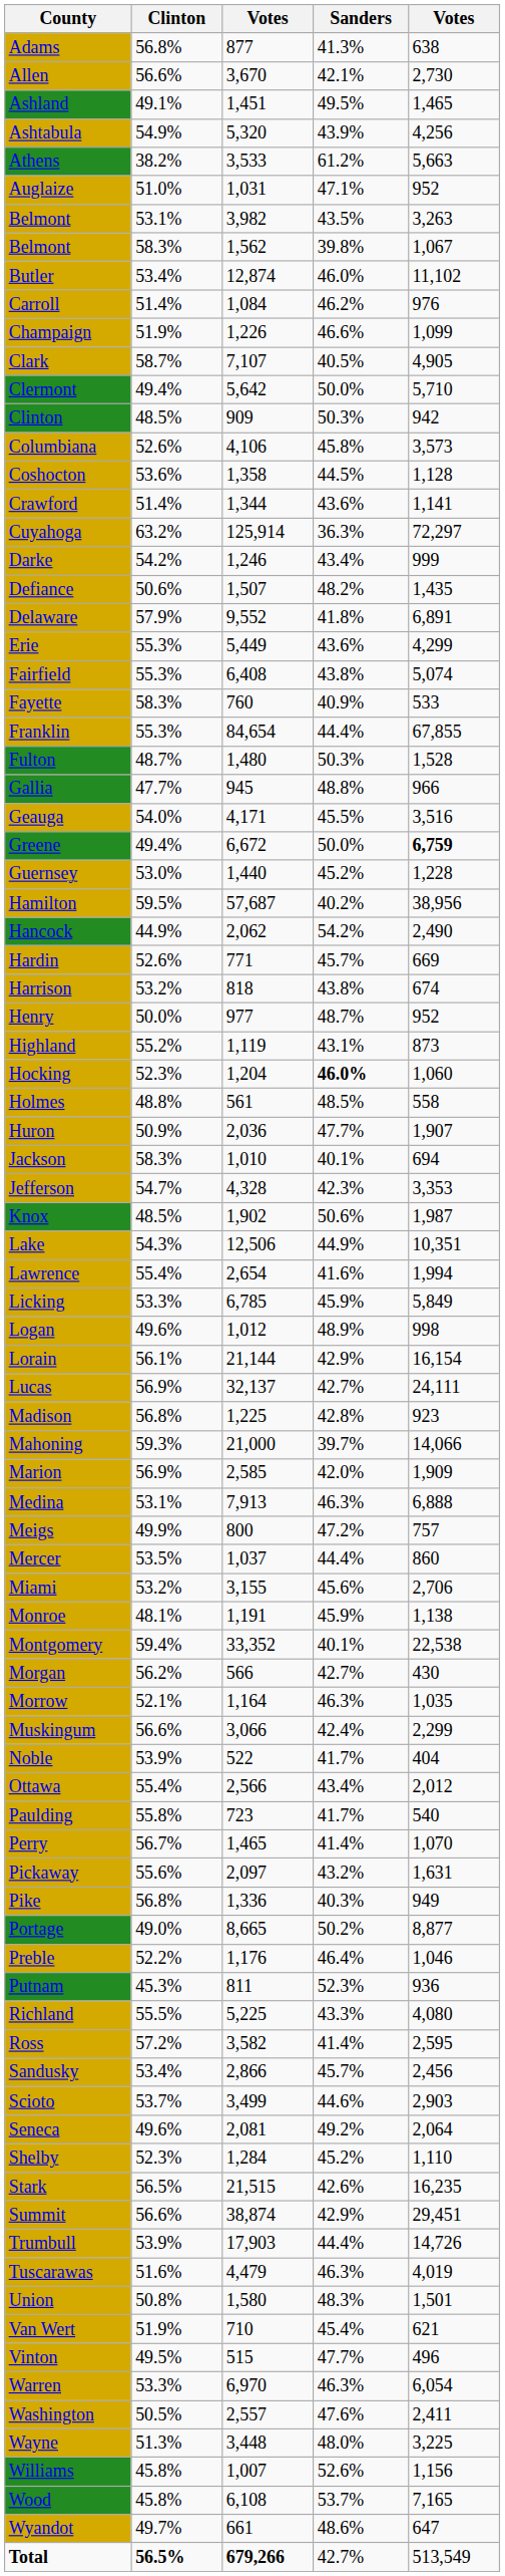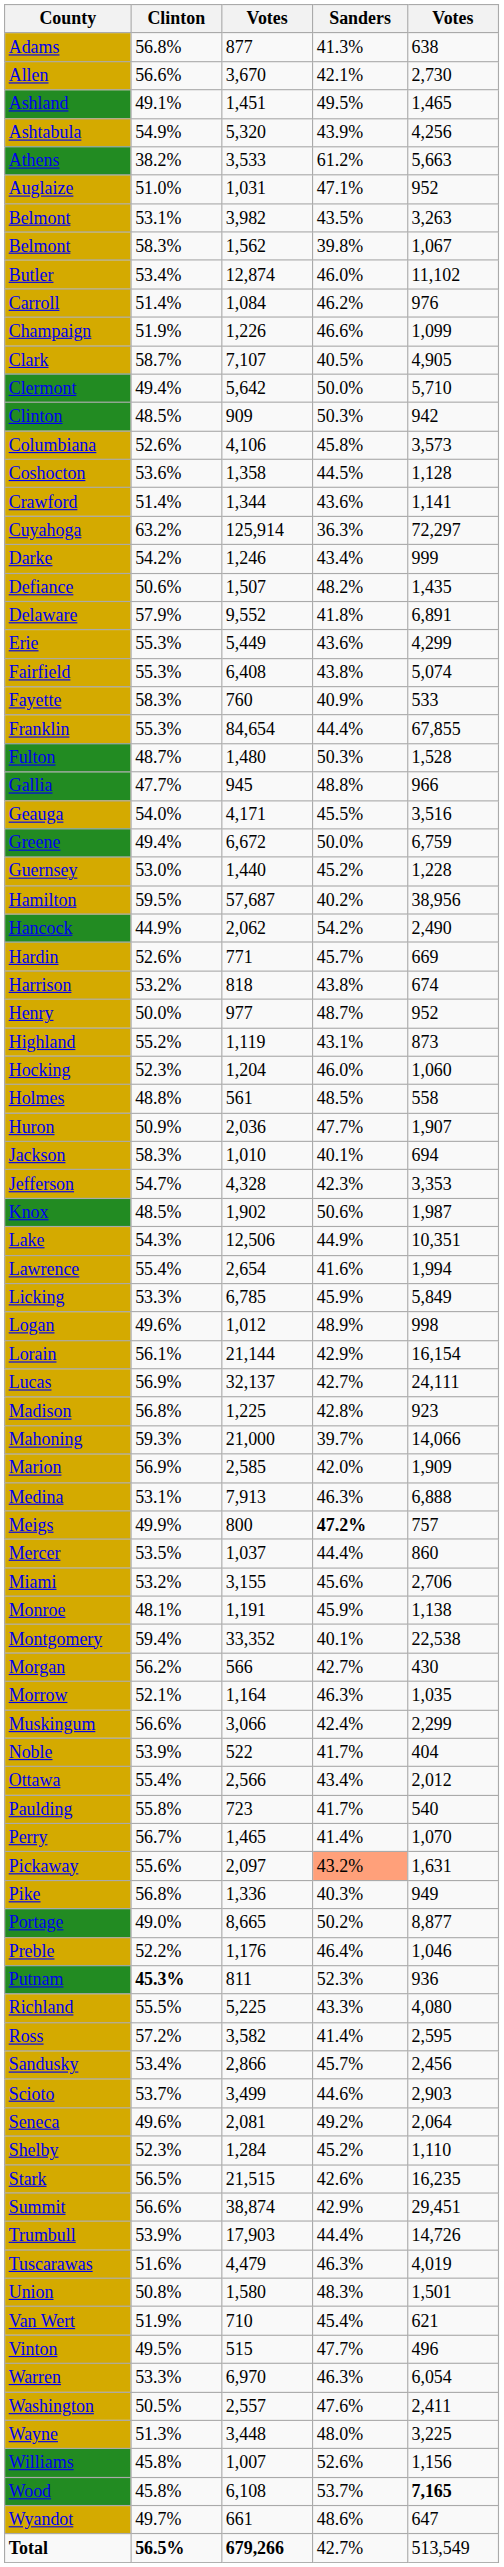 <table width="50%" class="wikitable sortable">
 <tr>
 <th width="10%">County</th>
 <th width="10%">Clinton</th>
 <th width="10%">Votes</th>
 <th width="10%">Sanders</th>
 <th width="10%">Votes</th>
 </tr>
 <tr>
 <td style="background:#D4AA00;"><a href='#'>Adams</a></td>
 <td>56.8%</td>
 <td>877</td>
 <td>41.3%</td>
 <td>638</td>
 </tr>
 <tr>
 <td style="background:#D4AA00;"><a href='#'>Allen</a></td>
 <td>56.6%</td>
 <td>3,670</td>
 <td>42.1%</td>
 <td>2,730</td>
 </tr>
 <tr>
 <td style="background:#228b22;"><a href='#'>Ashland</a></td>
 <td>49.1%</td>
 <td>1,451</td>
 <td>49.5%</td>
 <td>1,465</td>
 </tr>
 <tr>
 <td style="background:#D4AA00;"><a href='#'>Ashtabula</a></td>
 <td>54.9%</td>
 <td>5,320</td>
 <td>43.9%</td>
 <td>4,256</td>
 </tr>
 <tr>
 <td style="background:#228b22;"><a href='#'>Athens</a></td>
 <td>38.2%</td>
 <td>3,533</td>
 <td>61.2%</td>
 <td>5,663</td>
 </tr>
 <tr>
 <td style="background:#D4AA00;"><a href='#'>Auglaize</a></td>
 <td>51.0%</td>
 <td>1,031</td>
 <td>47.1%</td>
 <td>952</td>
 </tr>
 <tr>
 <td style="background:#D4AA00;"><a href='#'>Belmont</a></td>
 <td>53.1%</td>
 <td>3,982</td>
 <td>43.5%</td>
 <td>3,263</td>
 </tr>
 <tr>
 <td style="background:#D4AA00;"><a href='#'>Belmont</a></td>
 <td>58.3%</td>
 <td>1,562</td>
 <td>39.8%</td>
 <td>1,067</td>
 </tr>
 <tr>
 <td style="background:#D4AA00;"><a href='#'>Butler</a></td>
 <td>53.4%</td>
 <td>12,874</td>
 <td>46.0%</td>
 <td>11,102</td>
 </tr>
 <tr>
 <td style="background:#D4AA00;"><a href='#'>Carroll</a></td>
 <td>51.4%</td>
 <td>1,084</td>
 <td>46.2%</td>
 <td>976</td>
 </tr>
 <tr>
 <td style="background:#D4AA00;"><a href='#'>Champaign</a></td>
 <td>51.9%</td>
 <td>1,226</td>
 <td>46.6%</td>
 <td>1,099</td>
 </tr>
 <tr>
 <td style="background:#D4AA00;"><a href='#'>Clark</a></td>
 <td>58.7%</td>
 <td>7,107</td>
 <td>40.5%</td>
 <td>4,905</td>
 </tr>
 <tr>
 <td style="background:#228b22;"><a href='#'>Clermont</a></td>
 <td>49.4%</td>
 <td>5,642</td>
 <td>50.0%</td>
 <td>5,710</td>
 </tr>
 <tr>
 <td style="background:#228b22;"><a href='#'>Clinton</a></td>
 <td>48.5%</td>
 <td>909</td>
 <td>50.3%</td>
 <td>942</td>
 </tr>
 <tr>
 <td style="background:#D4AA00;"><a href='#'>Columbiana</a></td>
 <td>52.6%</td>
 <td>4,106</td>
 <td>45.8%</td>
 <td>3,573</td>
 </tr>
 <tr>
 <td style="background:#D4AA00;"><a href='#'>Coshocton</a></td>
 <td>53.6%</td>
 <td>1,358</td>
 <td>44.5%</td>
 <td>1,128</td>
 </tr>
 <tr>
 <td style="background:#D4AA00;"><a href='#'>Crawford</a></td>
 <td>51.4%</td>
 <td>1,344</td>
 <td>43.6%</td>
 <td>1,141</td>
 </tr>
 <tr>
 <td style="background:#D4AA00;"><a href='#'>Cuyahoga</a></td>
 <td>63.2%</td>
 <td>125,914</td>
 <td>36.3%</td>
 <td>72,297</td>
 </tr>
 <tr>
 <td style="background:#D4AA00;"><a href='#'>Darke</a></td>
 <td>54.2%</td>
 <td>1,246</td>
 <td>43.4%</td>
 <td>999</td>
 </tr>
 <tr>
 <td style="background:#D4AA00;"><a href='#'>Defiance</a></td>
 <td>50.6%</td>
 <td>1,507</td>
 <td>48.2%</td>
 <td>1,435</td>
 </tr>
 <tr>
 <td style="background:#D4AA00;"><a href='#'>Delaware</a></td>
 <td>57.9%</td>
 <td>9,552</td>
 <td>41.8%</td>
 <td>6,891</td>
 </tr>
 <tr>
 <td style="background:#D4AA00;"><a href='#'>Erie</a></td>
 <td>55.3%</td>
 <td>5,449</td>
 <td>43.6%</td>
 <td>4,299</td>
 </tr>
 <tr>
 <td style="background:#D4AA00;"><a href='#'>Fairfield</a></td>
 <td>55.3%</td>
 <td>6,408</td>
 <td>43.8%</td>
 <td>5,074</td>
 </tr>
 <tr>
 <td style="background:#D4AA00;"><a href='#'>Fayette</a></td>
 <td>58.3%</td>
 <td>760</td>
 <td>40.9%</td>
 <td>533</td>
 </tr>
 <tr>
 <td style="background:#D4AA00;"><a href='#'>Franklin</a></td>
 <td>55.3%</td>
 <td>84,654</td>
 <td>44.4%</td>
 <td>67,855</td>
 </tr>
 <tr>
 <td style="background:#228b22;"><a href='#'>Fulton</a></td>
 <td>48.7%</td>
 <td>1,480</td>
 <td>50.3%</td>
 <td>1,528</td>
 </tr>
 <tr>
 <td style="background:#228b22;"><a href='#'>Gallia</a></td>
 <td>47.7%</td>
 <td>945</td>
 <td>48.8%</td>
 <td>966</td>
 </tr>
 <tr>
 <td style="background:#D4AA00;"><a href='#'>Geauga</a></td>
 <td>54.0%</td>
 <td>4,171</td>
 <td>45.5%</td>
 <td>3,516</td>
 </tr>
 <tr>
 <td style="background:#228b22;"><a href='#'>Greene</a></td>
 <td>49.4%</td>
 <td>6,672</td>
 <td>50.0%</td>
-<td><strong>6,759</strong></td>
+<td>6,759</td>
 </tr>
 <tr>
 <td style="background:#D4AA00;"><a href='#'>Guernsey</a></td>
 <td>53.0%</td>
 <td>1,440</td>
 <td>45.2%</td>
 <td>1,228</td>
 </tr>
 <tr>
 <td style="background:#D4AA00;"><a href='#'>Hamilton</a></td>
 <td>59.5%</td>
 <td>57,687</td>
 <td>40.2%</td>
 <td>38,956</td>
 </tr>
 <tr>
 <td style="background:#228b22;"><a href='#'>Hancock</a></td>
 <td>44.9%</td>
 <td>2,062</td>
 <td>54.2%</td>
 <td>2,490</td>
 </tr>
 <tr>
 <td style="background:#D4AA00;"><a href='#'>Hardin</a></td>
 <td>52.6%</td>
 <td>771</td>
 <td>45.7%</td>
 <td>669</td>
 </tr>
 <tr>
 <td style="background:#D4AA00;"><a href='#'>Harrison</a></td>
 <td>53.2%</td>
 <td>818</td>
 <td>43.8%</td>
 <td>674</td>
 </tr>
 <tr>
 <td style="background:#D4AA00;"><a href='#'>Henry</a></td>
 <td>50.0%</td>
 <td>977</td>
 <td>48.7%</td>
 <td>952</td>
 </tr>
 <tr>
 <td style="background:#D4AA00;"><a href='#'>Highland</a></td>
 <td>55.2%</td>
 <td>1,119</td>
 <td>43.1%</td>
 <td>873</td>
 </tr>
 <tr>
 <td style="background:#D4AA00;"><a href='#'>Hocking</a></td>
 <td>52.3%</td>
 <td>1,204</td>
-<td><strong>46.0%</strong></td>
+<td>46.0%</td>
 <td>1,060</td>
 </tr>
 <tr>
 <td style="background:#D4AA00;"><a href='#'>Holmes</a></td>
 <td>48.8%</td>
 <td>561</td>
 <td>48.5%</td>
 <td>558</td>
 </tr>
 <tr>
 <td style="background:#D4AA00;"><a href='#'>Huron</a></td>
 <td>50.9%</td>
 <td>2,036</td>
 <td>47.7%</td>
 <td>1,907</td>
 </tr>
 <tr>
 <td style="background:#D4AA00;"><a href='#'>Jackson</a></td>
 <td>58.3%</td>
 <td>1,010</td>
 <td>40.1%</td>
 <td>694</td>
 </tr>
 <tr>
 <td style="background:#D4AA00;"><a href='#'>Jefferson</a></td>
 <td>54.7%</td>
 <td>4,328</td>
 <td>42.3%</td>
 <td>3,353</td>
 </tr>
 <tr>
 <td style="background:#228b22;"><a href='#'>Knox</a></td>
 <td>48.5%</td>
 <td>1,902</td>
 <td>50.6%</td>
 <td>1,987</td>
 </tr>
 <tr>
 <td style="background:#D4AA00;"><a href='#'>Lake</a></td>
 <td>54.3%</td>
 <td>12,506</td>
 <td>44.9%</td>
 <td>10,351</td>
 </tr>
 <tr>
 <td style="background:#D4AA00;"><a href='#'>Lawrence</a></td>
 <td>55.4%</td>
 <td>2,654</td>
 <td>41.6%</td>
 <td>1,994</td>
 </tr>
 <tr>
 <td style="background:#D4AA00;"><a href='#'>Licking</a></td>
 <td>53.3%</td>
 <td>6,785</td>
 <td>45.9%</td>
 <td>5,849</td>
 </tr>
 <tr>
 <td style="background:#D4AA00;"><a href='#'>Logan</a></td>
 <td>49.6%</td>
 <td>1,012</td>
 <td>48.9%</td>
 <td>998</td>
 </tr>
 <tr>
 <td style="background:#D4AA00;"><a href='#'>Lorain</a></td>
 <td>56.1%</td>
 <td>21,144</td>
 <td>42.9%</td>
 <td>16,154</td>
 </tr>
 <tr>
 <td style="background:#D4AA00;"><a href='#'>Lucas</a></td>
 <td>56.9%</td>
 <td>32,137</td>
 <td>42.7%</td>
 <td>24,111</td>
 </tr>
 <tr>
 <td style="background:#D4AA00;"><a href='#'>Madison</a></td>
 <td>56.8%</td>
 <td>1,225</td>
 <td>42.8%</td>
 <td>923</td>
 </tr>
 <tr>
 <td style="background:#D4AA00;"><a href='#'>Mahoning</a></td>
 <td>59.3%</td>
 <td>21,000</td>
 <td>39.7%</td>
 <td>14,066</td>
 </tr>
 <tr>
 <td style="background:#D4AA00;"><a href='#'>Marion</a></td>
 <td>56.9%</td>
 <td>2,585</td>
 <td>42.0%</td>
 <td>1,909</td>
 </tr>
 <tr>
 <td style="background:#D4AA00;"><a href='#'>Medina</a></td>
 <td>53.1%</td>
 <td>7,913</td>
 <td>46.3%</td>
 <td>6,888</td>
 </tr>
 <tr>
 <td style="background:#D4AA00;"><a href='#'>Meigs</a></td>
 <td>49.9%</td>
 <td>800</td>
-<td>47.2%</td>
+<td><strong>47.2%</strong></td>
 <td>757</td>
 </tr>
 <tr>
 <td style="background:#D4AA00;"><a href='#'>Mercer</a></td>
 <td>53.5%</td>
 <td>1,037</td>
 <td>44.4%</td>
 <td>860</td>
 </tr>
 <tr>
 <td style="background:#D4AA00;"><a href='#'>Miami</a></td>
 <td>53.2%</td>
 <td>3,155</td>
 <td>45.6%</td>
 <td>2,706</td>
 </tr>
 <tr>
 <td style="background:#D4AA00;"><a href='#'>Monroe</a></td>
 <td>48.1%</td>
 <td>1,191</td>
 <td>45.9%</td>
 <td>1,138</td>
 </tr>
 <tr>
 <td style="background:#D4AA00;"><a href='#'>Montgomery</a></td>
 <td>59.4%</td>
 <td>33,352</td>
 <td>40.1%</td>
 <td>22,538</td>
 </tr>
 <tr>
 <td style="background:#D4AA00;"><a href='#'>Morgan</a></td>
 <td>56.2%</td>
 <td>566</td>
 <td>42.7%</td>
 <td>430</td>
 </tr>
 <tr>
 <td style="background:#D4AA00;"><a href='#'>Morrow</a></td>
 <td>52.1%</td>
 <td>1,164</td>
 <td>46.3%</td>
 <td>1,035</td>
 </tr>
 <tr>
 <td style="background:#D4AA00;"><a href='#'>Muskingum</a></td>
 <td>56.6%</td>
 <td>3,066</td>
 <td>42.4%</td>
 <td>2,299</td>
 </tr>
 <tr>
 <td style="background:#D4AA00;"><a href='#'>Noble</a></td>
 <td>53.9%</td>
 <td>522</td>
 <td>41.7%</td>
 <td>404</td>
 </tr>
 <tr>
 <td style="background:#D4AA00;"><a href='#'>Ottawa</a></td>
 <td>55.4%</td>
 <td>2,566</td>
 <td>43.4%</td>
 <td>2,012</td>
 </tr>
 <tr>
 <td style="background:#D4AA00;"><a href='#'>Paulding</a></td>
 <td>55.8%</td>
 <td>723</td>
 <td>41.7%</td>
 <td>540</td>
 </tr>
 <tr>
 <td style="background:#D4AA00;"><a href='#'>Perry</a></td>
 <td>56.7%</td>
 <td>1,465</td>
 <td>41.4%</td>
 <td>1,070</td>
 </tr>
 <tr>
 <td style="background:#D4AA00;"><a href='#'>Pickaway</a></td>
 <td>55.6%</td>
 <td>2,097</td>
-<td>43.2%</td>
+<td style="background: lightsalmon;">43.2%</td>
 <td>1,631</td>
 </tr>
 <tr>
 <td style="background:#D4AA00;"><a href='#'>Pike</a></td>
 <td>56.8%</td>
 <td>1,336</td>
 <td>40.3%</td>
 <td>949</td>
 </tr>
 <tr>
 <td style="background:#228b22;"><a href='#'>Portage</a></td>
 <td>49.0%</td>
 <td>8,665</td>
 <td>50.2%</td>
 <td>8,877</td>
 </tr>
 <tr>
 <td style="background:#D4AA00;"><a href='#'>Preble</a></td>
 <td>52.2%</td>
 <td>1,176</td>
 <td>46.4%</td>
 <td>1,046</td>
 </tr>
 <tr>
 <td style="background:#228b22;"><a href='#'>Putnam</a></td>
-<td>45.3%</td>
+<td><strong>45.3%</strong></td>
 <td>811</td>
 <td>52.3%</td>
 <td>936</td>
 </tr>
 <tr>
 <td style="background:#D4AA00;"><a href='#'>Richland</a></td>
 <td>55.5%</td>
 <td>5,225</td>
 <td>43.3%</td>
 <td>4,080</td>
 </tr>
 <tr>
 <td style="background:#D4AA00;"><a href='#'>Ross</a></td>
 <td>57.2%</td>
 <td>3,582</td>
 <td>41.4%</td>
 <td>2,595</td>
 </tr>
 <tr>
 <td style="background:#D4AA00;"><a href='#'>Sandusky</a></td>
 <td>53.4%</td>
 <td>2,866</td>
 <td>45.7%</td>
 <td>2,456</td>
 </tr>
 <tr>
 <td style="background:#D4AA00;"><a href='#'>Scioto</a></td>
 <td>53.7%</td>
 <td>3,499</td>
 <td>44.6%</td>
 <td>2,903</td>
 </tr>
 <tr>
 <td style="background:#D4AA00;"><a href='#'>Seneca</a></td>
 <td>49.6%</td>
 <td>2,081</td>
 <td>49.2%</td>
 <td>2,064</td>
 </tr>
 <tr>
 <td style="background:#D4AA00;"><a href='#'>Shelby</a></td>
 <td>52.3%</td>
 <td>1,284</td>
 <td>45.2%</td>
 <td>1,110</td>
 </tr>
 <tr>
 <td style="background:#D4AA00;"><a href='#'>Stark</a></td>
 <td>56.5%</td>
 <td>21,515</td>
 <td>42.6%</td>
 <td>16,235</td>
 </tr>
 <tr>
 <td style="background:#D4AA00;"><a href='#'>Summit</a></td>
 <td>56.6%</td>
 <td>38,874</td>
 <td>42.9%</td>
 <td>29,451</td>
 </tr>
 <tr>
 <td style="background:#D4AA00;"><a href='#'>Trumbull</a></td>
 <td>53.9%</td>
 <td>17,903</td>
 <td>44.4%</td>
 <td>14,726</td>
 </tr>
 <tr>
 <td style="background:#D4AA00;"><a href='#'>Tuscarawas</a></td>
 <td>51.6%</td>
 <td>4,479</td>
 <td>46.3%</td>
 <td>4,019</td>
 </tr>
 <tr>
 <td style="background:#D4AA00;"><a href='#'>Union</a></td>
 <td>50.8%</td>
 <td>1,580</td>
 <td>48.3%</td>
 <td>1,501</td>
 </tr>
 <tr>
 <td style="background:#D4AA00;"><a href='#'>Van Wert</a></td>
 <td>51.9%</td>
 <td>710</td>
 <td>45.4%</td>
 <td>621</td>
 </tr>
 <tr>
 <td style="background:#D4AA00;"><a href='#'>Vinton</a></td>
 <td>49.5%</td>
 <td>515</td>
 <td>47.7%</td>
 <td>496</td>
 </tr>
 <tr>
 <td style="background:#D4AA00;"><a href='#'>Warren</a></td>
 <td>53.3%</td>
 <td>6,970</td>
 <td>46.3%</td>
 <td>6,054</td>
 </tr>
 <tr>
 <td style="background:#D4AA00;"><a href='#'>Washington</a></td>
 <td>50.5%</td>
 <td>2,557</td>
 <td>47.6%</td>
 <td>2,411</td>
 </tr>
 <tr>
 <td style="background:#D4AA00;"><a href='#'>Wayne</a></td>
 <td>51.3%</td>
 <td>3,448</td>
 <td>48.0%</td>
 <td>3,225</td>
 </tr>
 <tr>
 <td style="background:#228b22;"><a href='#'>Williams</a></td>
 <td>45.8%</td>
 <td>1,007</td>
 <td>52.6%</td>
 <td>1,156</td>
 </tr>
 <tr>
 <td style="background:#228b22;"><a href='#'>Wood</a></td>
 <td>45.8%</td>
 <td>6,108</td>
 <td>53.7%</td>
-<td>7,165</td>
+<td><strong>7,165</strong></td>
 </tr>
 <tr>
 <td style="background:#D4AA00;"><a href='#'>Wyandot</a></td>
 <td>49.7%</td>
 <td>661</td>
 <td>48.6%</td>
 <td>647</td>
 </tr>
 <tr>
 <td><strong>Total</strong></td>
 <td><strong>56.5%</strong></td>
 <td><strong>679,266</strong></td>
 <td>42.7%</td>
 <td>513,549</td>
 </tr>
 </table>
